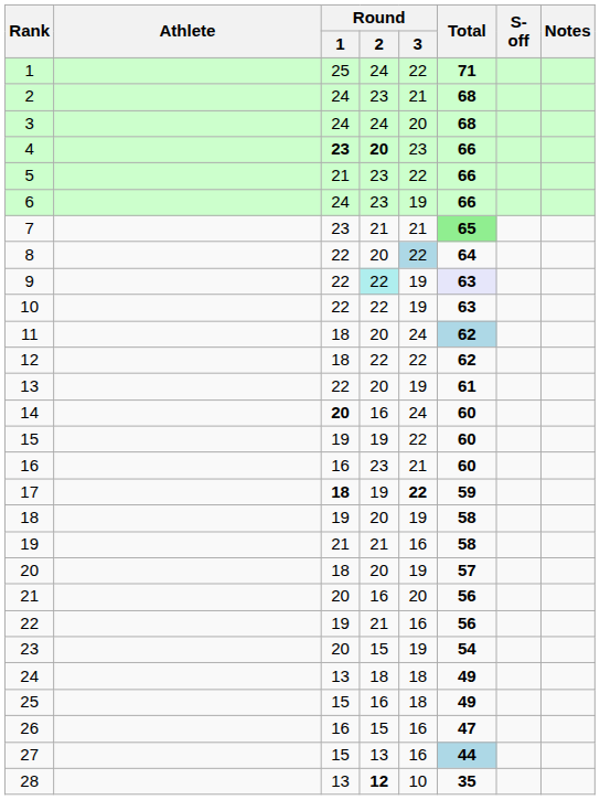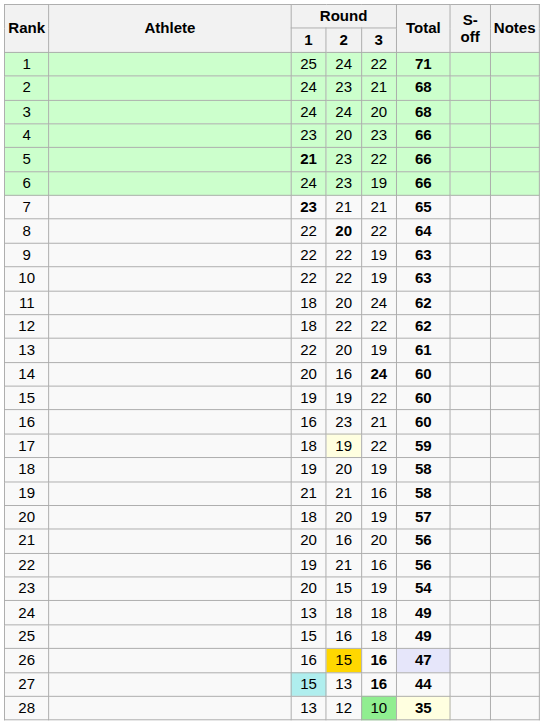 <table class="wikitable" style="text-align:center">
 <tr>
 <th rowspan=2 width=40>Rank</th>
 <th rowspan=2 width=250>Athlete</th>
 <th colspan=3>Round</th>
 <th rowspan=2 width=50>Total</th>
 <th rowspan=2 width=35>S-off</th>
 <th rowspan=2 width=45>Notes</th>
 </tr>
 <tr>
 <th width=30>1</th>
 <th width=30>2</th>
 <th width=30>3</th>
 </tr>
 <tr bgcolor=ccffcc>
 <td>1</td>
 <td align=left></td>
 <td>25</td>
 <td>24</td>
 <td>22</td>
 <td><strong>71</strong></td>
 <td></td>
 <td></td>
 </tr>
 <tr bgcolor=ccffcc>
 <td>2</td>
 <td align=left></td>
 <td>24</td>
 <td>23</td>
 <td>21</td>
 <td><strong>68</strong></td>
 <td></td>
 <td></td>
 </tr>
 <tr bgcolor=ccffcc>
 <td>3</td>
 <td align=left></td>
 <td>24</td>
 <td>24</td>
 <td>20</td>
 <td><strong>68</strong></td>
 <td></td>
 <td></td>
 </tr>
 <tr bgcolor=ccffcc>
 <td>4</td>
 <td align=left></td>
-<td><strong>23</strong></td>
-<td><strong>20</strong></td>
+<td>23</td>
+<td>20</td>
 <td>23</td>
 <td><strong>66</strong></td>
 <td></td>
 <td></td>
 </tr>
 <tr bgcolor=ccffcc>
 <td>5</td>
 <td align=left></td>
-<td>21</td>
+<td><strong>21</strong></td>
 <td>23</td>
 <td>22</td>
 <td><strong>66</strong></td>
 <td></td>
 <td></td>
 </tr>
 <tr bgcolor=ccffcc>
 <td>6</td>
 <td align=left></td>
 <td>24</td>
 <td>23</td>
 <td>19</td>
 <td><strong>66</strong></td>
 <td></td>
 <td></td>
 </tr>
 <tr>
 <td>7</td>
 <td align=left></td>
-<td>23</td>
+<td><strong>23</strong></td>
 <td>21</td>
 <td>21</td>
-<td style="background: lightgreen;"><strong>65</strong></td>
+<td><strong>65</strong></td>
 <td></td>
 <td></td>
 </tr>
 <tr>
 <td>8</td>
 <td align=left></td>
 <td>22</td>
-<td>20</td>
-<td style="background: lightblue;">22</td>
+<td><strong>20</strong></td>
+<td>22</td>
 <td><strong>64</strong></td>
 <td></td>
 <td></td>
 </tr>
 <tr>
 <td>9</td>
 <td align=left></td>
 <td>22</td>
-<td style="background: paleturquoise;">22</td>
+<td>22</td>
 <td>19</td>
-<td style="background: lavender;"><strong>63</strong></td>
+<td><strong>63</strong></td>
 <td></td>
 <td></td>
 </tr>
 <tr>
 <td>10</td>
 <td align=left></td>
 <td>22</td>
 <td>22</td>
 <td>19</td>
 <td><strong>63</strong></td>
 <td></td>
 <td></td>
 </tr>
 <tr>
 <td>11</td>
 <td align=left></td>
 <td>18</td>
 <td>20</td>
 <td>24</td>
-<td style="background: lightblue;"><strong>62</strong></td>
+<td><strong>62</strong></td>
 <td></td>
 <td></td>
 </tr>
 <tr>
 <td>12</td>
 <td align=left></td>
 <td>18</td>
 <td>22</td>
 <td>22</td>
 <td><strong>62</strong></td>
 <td></td>
 <td></td>
 </tr>
 <tr>
 <td>13</td>
 <td align=left></td>
 <td>22</td>
 <td>20</td>
 <td>19</td>
 <td><strong>61</strong></td>
 <td></td>
 <td></td>
 </tr>
 <tr>
 <td>14</td>
 <td align=left></td>
-<td><strong>20</strong></td>
+<td>20</td>
 <td>16</td>
-<td>24</td>
+<td><strong>24</strong></td>
 <td><strong>60</strong></td>
 <td></td>
 <td></td>
 </tr>
 <tr>
 <td>15</td>
 <td align=left></td>
 <td>19</td>
 <td>19</td>
 <td>22</td>
 <td><strong>60</strong></td>
 <td></td>
 <td></td>
 </tr>
 <tr>
 <td>16</td>
 <td align=left></td>
 <td>16</td>
 <td>23</td>
 <td>21</td>
 <td><strong>60</strong></td>
 <td></td>
 <td></td>
 </tr>
 <tr>
 <td>17</td>
 <td align=left></td>
-<td><strong>18</strong></td>
-<td>19</td>
-<td><strong>22</strong></td>
+<td>18</td>
+<td style="background: lightyellow;">19</td>
+<td>22</td>
 <td><strong>59</strong></td>
 <td></td>
 <td></td>
 </tr>
 <tr>
 <td>18</td>
 <td align=left></td>
 <td>19</td>
 <td>20</td>
 <td>19</td>
 <td><strong>58</strong></td>
 <td></td>
 <td></td>
 </tr>
 <tr>
 <td>19</td>
 <td align=left></td>
 <td>21</td>
 <td>21</td>
 <td>16</td>
 <td><strong>58</strong></td>
 <td></td>
 <td></td>
 </tr>
 <tr>
 <td>20</td>
 <td align=left></td>
 <td>18</td>
 <td>20</td>
 <td>19</td>
 <td><strong>57</strong></td>
 <td></td>
 <td></td>
 </tr>
 <tr>
 <td>21</td>
 <td align=left></td>
 <td>20</td>
 <td>16</td>
 <td>20</td>
 <td><strong>56</strong></td>
 <td></td>
 <td></td>
 </tr>
 <tr>
 <td>22</td>
 <td align=left></td>
 <td>19</td>
 <td>21</td>
 <td>16</td>
 <td><strong>56</strong></td>
 <td></td>
 <td></td>
 </tr>
 <tr>
 <td>23</td>
 <td align=left></td>
 <td>20</td>
 <td>15</td>
 <td>19</td>
 <td><strong>54</strong></td>
 <td></td>
 <td></td>
 </tr>
 <tr>
 <td>24</td>
 <td align=left></td>
 <td>13</td>
 <td>18</td>
 <td>18</td>
 <td><strong>49</strong></td>
 <td></td>
 <td></td>
 </tr>
 <tr>
 <td>25</td>
 <td align=left></td>
 <td>15</td>
 <td>16</td>
 <td>18</td>
 <td><strong>49</strong></td>
 <td></td>
 <td></td>
 </tr>
 <tr>
 <td>26</td>
 <td align=left></td>
 <td>16</td>
-<td>15</td>
-<td>16</td>
-<td><strong>47</strong></td>
+<td style="background: gold;">15</td>
+<td><strong>16</strong></td>
+<td style="background: lavender;"><strong>47</strong></td>
 <td></td>
 <td></td>
 </tr>
 <tr>
 <td>27</td>
 <td align=left></td>
-<td>15</td>
+<td style="background: paleturquoise;">15</td>
 <td>13</td>
-<td>16</td>
-<td style="background: lightblue;"><strong>44</strong></td>
+<td><strong>16</strong></td>
+<td><strong>44</strong></td>
 <td></td>
 <td></td>
 </tr>
 <tr>
 <td>28</td>
 <td align=left></td>
 <td>13</td>
-<td><strong>12</strong></td>
-<td>10</td>
-<td><strong>35</strong></td>
+<td>12</td>
+<td style="background: lightgreen;">10</td>
+<td style="background: lightyellow;"><strong>35</strong></td>
 <td></td>
 <td></td>
 </tr>
 </table>
